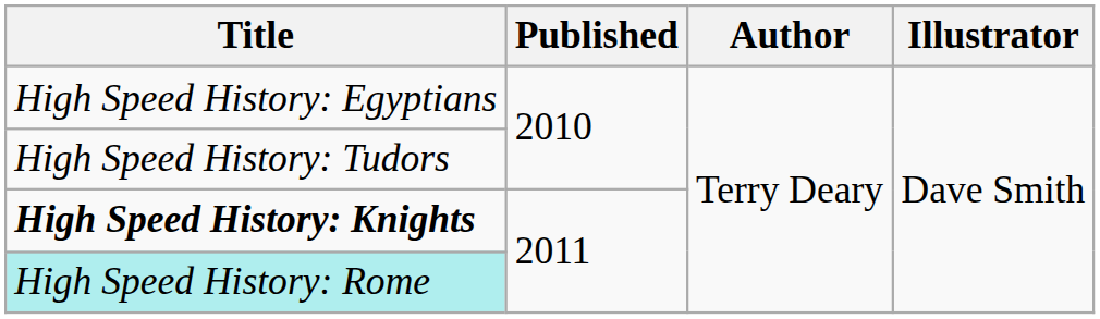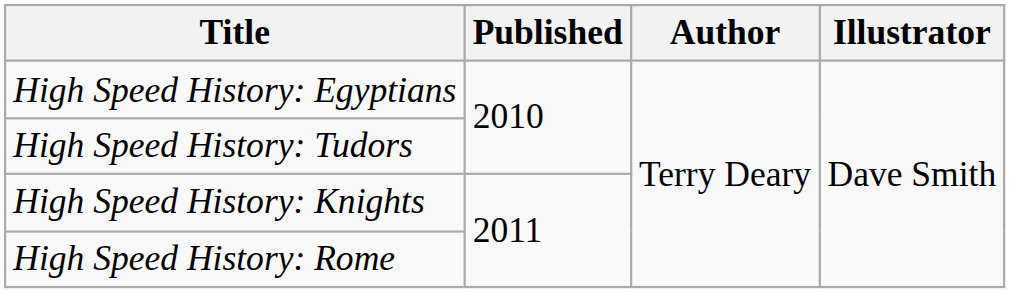 <table class="wikitable">
 <tr>
 <th>Title</th>
 <th>Published</th>
 <th>Author</th>
 <th>Illustrator</th>
 </tr>
 <tr>
 <td><em>High Speed History: Egyptians</em></td>
 <td rowspan="2">2010</td>
 <td rowspan="4">Terry Deary</td>
 <td rowspan="4">Dave Smith</td>
 </tr>
 <tr>
 <td><em>High Speed History: Tudors</em></td>
 </tr>
 <tr>
-<td><strong><em>High Speed History: Knights</em></strong></td>
+<td><em>High Speed History: Knights</em></td>
 <td rowspan="2">2011</td>
 </tr>
 <tr>
-<td style="background: paleturquoise;"><em>High Speed History: Rome</em></td>
+<td><em>High Speed History: Rome</em></td>
 </tr>
 </table>
